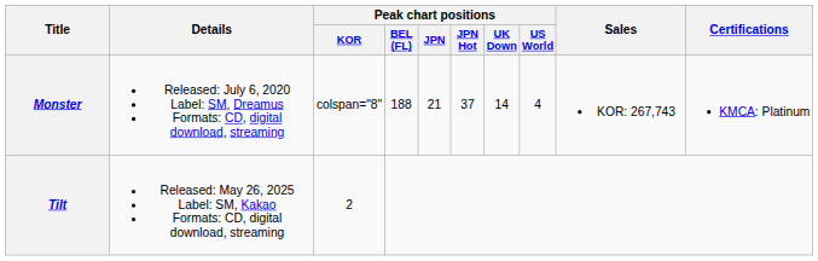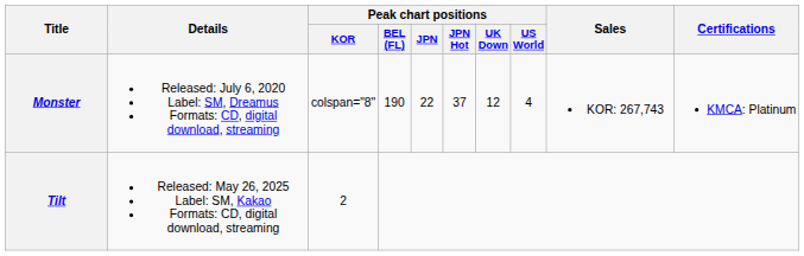 <table class="wikitable plainrowheaders" style="text-align:center">
 <tr>
 <th scope="col" rowspan="2" style="width:8em">Title</th>
 <th scope="col" rowspan="2" style="width:16em">Details</th>
 <th colspan="6" scope="col">Peak chart positions</th>
 <th scope="col" rowspan="2" style="width:10em">Sales</th>
 <th rowspan="2"><a href='#'>Certifications</a></th>
 </tr>
 <tr>
 <th scope="col" style="font-size:90%; width:2.5em"><a href='#'>KOR</a><br></th>
 <th scope="col" style="font-size:90%; width:2.5em"><a href='#'>BEL<br>(FL)</a><br></th>
 <th scope="col" style="font-size:90%; width:2.5em"><a href='#'>JPN</a><br></th>
 <th scope="col" style="font-size:90%; width:2.5em"><a href='#'>JPN<br>Hot</a><br></th>
 <th scope="col" style="font-size:90%; width:2.5em"><a href='#'>UK<br>Down</a><br></th>
 <th scope="col" style="font-size:90%; width:2.5em"><a href='#'>US<br>World</a><br></th>
 </tr>
 <tr>
 <th scope="row"><em><a href='#'>Monster</a></em></th>
 <td><br><ul><li>Released: July 6, 2020</li><li>Label: <a href='#'>SM</a>, <a href='#'>Dreamus</a></li><li>Formats: <a href='#'>CD</a>, <a href='#'>digital download</a>, <a href='#'>streaming</a></li></ul></td>
 <td>colspan="8" </td>
-<td>188</td>
-<td>21</td>
+<td>190</td>
+<td>22</td>
 <td>37</td>
-<td>14</td>
+<td>12</td>
 <td>4</td>
 <td><br><ul><li>KOR: 267,743</li></ul></td>
 <td><br><ul><li><a href='#'>KMCA</a>: Platinum</li></ul></td>
 </tr>
 <tr>
 <th scope="row"><em><a href='#'>Tilt</a></em></th>
 <td><br><ul><li>Released: May 26, 2025</li><li>Label: SM, <a href='#'>Kakao</a></li><li>Formats: CD, digital download, streaming</li></ul></td>
 <td>2</td>
 </tr>
 </table>
